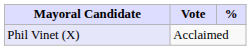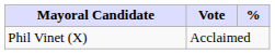 <table class="wikitable">
 <tr>
 <th style="background:#ddf; width:200px;">Mayoral Candidate</th>
 <th style="background:#ddf; width:50px;">Vote</th>
 <th style="background:#ddf; width:30px;">%</th>
 </tr>
 <tr>
-<td style="background: lavender;">Phil Vinet (X)</td>
+<td>Phil Vinet (X)</td>
 <td colspan="2">Acclaimed</td>
 </tr>
 </table>
